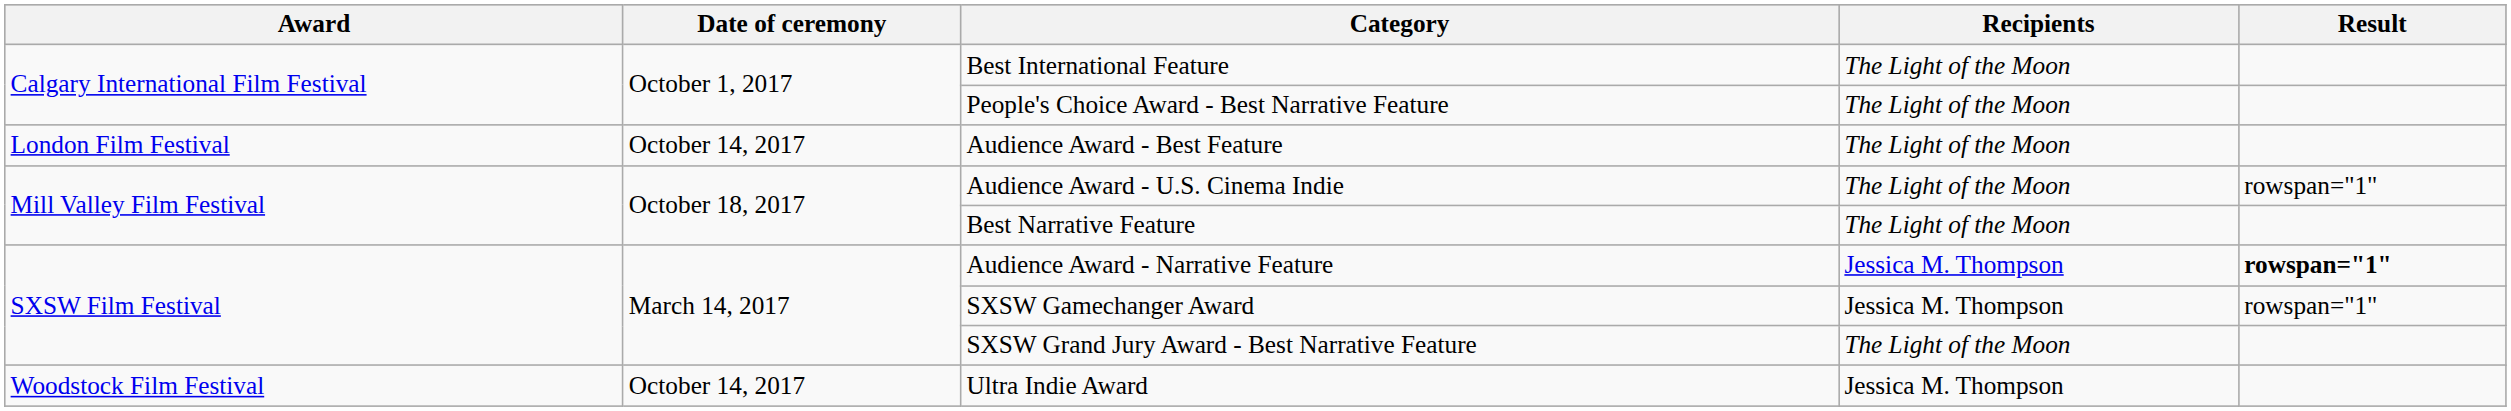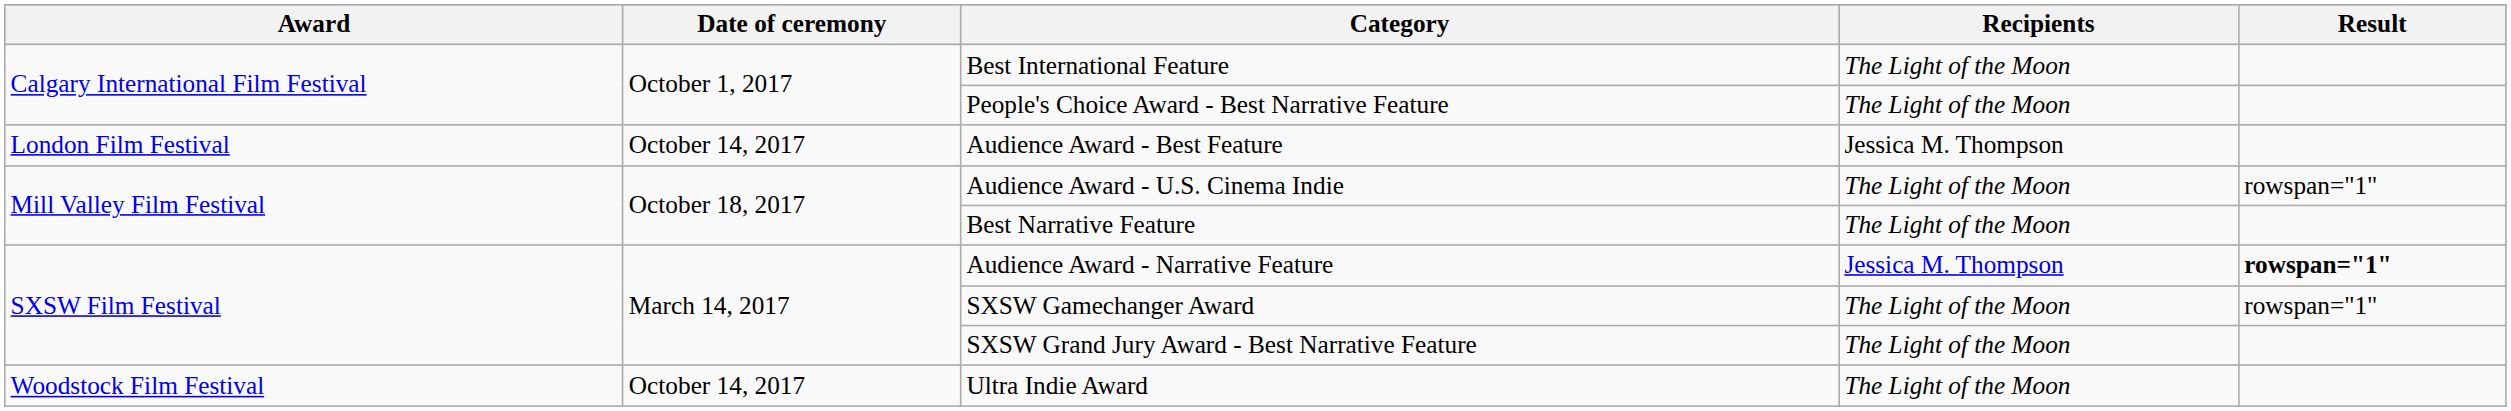 <table class="wikitable plainrowheaders sortable" style="width:100%;">
 <tr style="background:#ccc; text-align:center;">
 <th scope="col">Award</th>
 <th scope="col">Date of ceremony</th>
 <th scope="col">Category</th>
 <th scope="col">Recipients</th>
 <th scope="col">Result</th>
 </tr>
 <tr>
 <td rowspan="2"><a href='#'>Calgary International Film Festival</a></td>
 <td rowspan="2">October 1, 2017</td>
 <td>Best International Feature</td>
 <td><em>The Light of the Moon</em></td>
 <td></td>
 </tr>
 <tr>
 <td>People's Choice Award - Best Narrative Feature</td>
 <td><em>The Light of the Moon</em></td>
 <td></td>
 </tr>
 <tr>
 <td rowspan="1"><a href='#'>London Film Festival</a></td>
 <td rowspan="1">October 14, 2017</td>
 <td>Audience Award - Best Feature</td>
-<td><em>The Light of the Moon</em></td>
+<td>Jessica M. Thompson</td>
 <td></td>
 </tr>
 <tr>
 <td rowspan="2"><a href='#'>Mill Valley Film Festival</a></td>
 <td rowspan="2">October 18, 2017</td>
 <td>Audience Award - U.S. Cinema Indie</td>
 <td><em>The Light of the Moon</em></td>
 <td>rowspan="1" </td>
 </tr>
 <tr>
 <td>Best Narrative Feature</td>
 <td><em>The Light of the Moon</em></td>
 </tr>
 <tr>
 <td rowspan="3"><a href='#'>SXSW Film Festival</a></td>
 <td rowspan="3">March 14, 2017</td>
 <td>Audience Award - Narrative Feature</td>
 <td><a href='#'>Jessica M. Thompson</a></td>
 <td><strong>rowspan="1" </strong></td>
 </tr>
 <tr>
 <td>SXSW Gamechanger Award</td>
-<td>Jessica M. Thompson</td>
+<td><em>The Light of the Moon</em></td>
 <td>rowspan="1" </td>
 </tr>
 <tr>
 <td>SXSW Grand Jury Award - Best Narrative Feature</td>
 <td><em>The Light of the Moon</em></td>
 </tr>
 <tr>
 <td rowspan="1"><a href='#'>Woodstock Film Festival</a></td>
 <td rowspan="1">October 14, 2017</td>
 <td>Ultra Indie Award</td>
-<td>Jessica M. Thompson</td>
+<td><em>The Light of the Moon</em></td>
 <td></td>
 </tr>
 </table>
